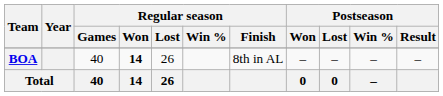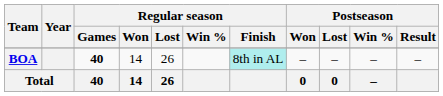 <table class="wikitable" style="font-size: 95%; text-align:center;">
 <tr>
 <th rowspan="2">Team</th>
 <th rowspan="2">Year</th>
 <th colspan="5">Regular season</th>
 <th colspan="4">Postseason</th>
 </tr>
 <tr>
 <th>Games</th>
 <th>Won</th>
 <th>Lost</th>
 <th>Win %</th>
 <th>Finish</th>
 <th>Won</th>
 <th>Lost</th>
 <th>Win %</th>
 <th>Result</th>
 </tr>
 <tr>
 </tr>
 <tr>
 <th><a href='#'>BOA</a></th>
 <th></th>
-<td>40</td>
-<td><strong>14</strong></td>
+<td><strong>40</strong></td>
+<td>14</td>
 <td>26</td>
 <td></td>
-<td>8th in AL</td>
+<td style="background: paleturquoise;">8th in AL</td>
 <td>–</td>
 <td>–</td>
 <td>–</td>
 <td>–</td>
 </tr>
 <tr>
 <th colspan="2">Total</th>
 <th>40</th>
 <th>14</th>
 <th>26</th>
 <th></th>
 <th></th>
 <th>0</th>
 <th>0</th>
 <th>–</th>
 <th></th>
 </tr>
 </table>
